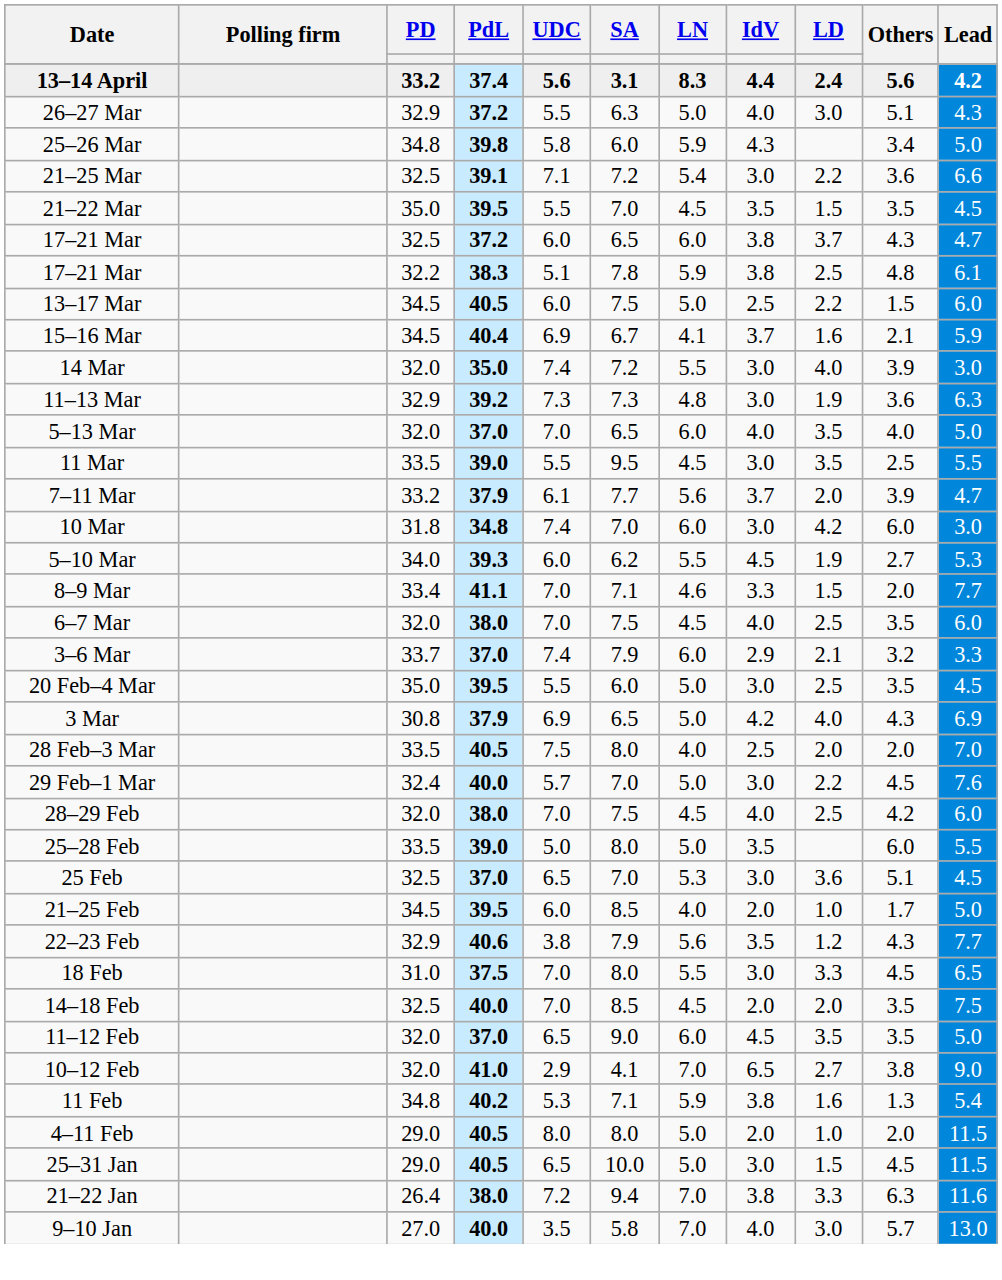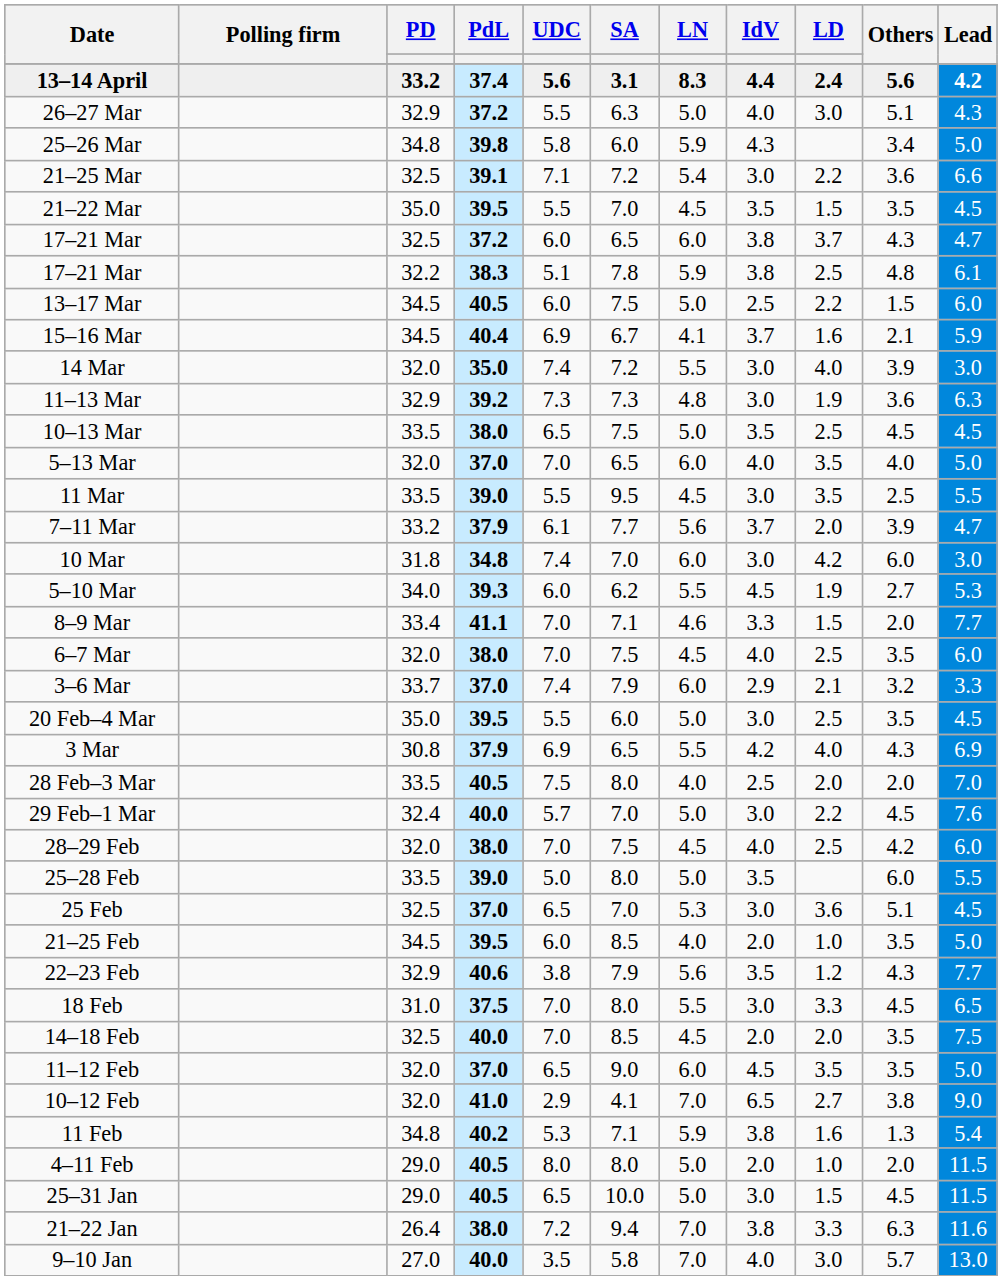 <table class="wikitable collapsible" style="text-align:center;font-size:85%;line-height:13px">
 <tr style="height:30px; background-color:#E9E9E9">
 <th style="width:100px;" rowspan="2">Date</th>
 <th style="width:120px;" rowspan="2">Polling firm</th>
 <th style="width:35px;"><a href='#'>PD</a></th>
 <th style="width:35px;"><a href='#'>PdL</a></th>
 <th style="width:35px;"><a href='#'>UDC</a></th>
 <th style="width:35px;"><a href='#'>SA</a></th>
 <th style="width:35px;"><a href='#'>LN</a></th>
 <th style="width:35px;"><a href='#'>IdV</a></th>
 <th style="width:35px;"><a href='#'>LD</a></th>
 <th style="width:35px;" rowspan="2">Others</th>
 <th style="width:25px;" rowspan="2">Lead</th>
 </tr>
 <tr>
 <th style="background:"></th>
 <th style="background:"></th>
 <th style="background:"></th>
 <th style="background:"></th>
 <th style="background:"></th>
 <th style="background:"></th>
 <th style="background:"></th>
 </tr>
 <tr>
 </tr>
 <tr style="background:#EFEFEF; font-weight:bold;">
 <td>13–14 April</td>
 <td></td>
 <td>33.2</td>
 <td style="background:#C8EBFF"><strong>37.4</strong></td>
 <td>5.6</td>
 <td>3.1</td>
 <td>8.3</td>
 <td>4.4</td>
 <td>2.4</td>
 <td>5.6</td>
 <td style="background:#0087DC; color:white;">4.2</td>
 </tr>
 <tr>
 <td>26–27 Mar</td>
 <td></td>
 <td>32.9</td>
 <td style="background:#C8EBFF"><strong>37.2</strong></td>
 <td>5.5</td>
 <td>6.3</td>
 <td>5.0</td>
 <td>4.0</td>
 <td>3.0</td>
 <td>5.1</td>
 <td style="background:#0087DC; color:white;">4.3</td>
 </tr>
 <tr>
 <td>25–26 Mar</td>
 <td></td>
 <td>34.8</td>
 <td style="background:#C8EBFF"><strong>39.8</strong></td>
 <td>5.8</td>
 <td>6.0</td>
 <td>5.9</td>
 <td>4.3</td>
 <td></td>
 <td>3.4</td>
 <td style="background:#0087DC; color:white;">5.0</td>
 </tr>
 <tr>
 <td>21–25 Mar</td>
 <td></td>
 <td>32.5</td>
 <td style="background:#C8EBFF"><strong>39.1</strong></td>
 <td>7.1</td>
 <td>7.2</td>
 <td>5.4</td>
 <td>3.0</td>
 <td>2.2</td>
 <td>3.6</td>
 <td style="background:#0087DC; color:white;">6.6</td>
 </tr>
 <tr>
 <td>21–22 Mar</td>
 <td></td>
 <td>35.0</td>
 <td style="background:#C8EBFF"><strong>39.5</strong></td>
 <td>5.5</td>
 <td>7.0</td>
 <td>4.5</td>
 <td>3.5</td>
 <td>1.5</td>
 <td>3.5</td>
 <td style="background:#0087DC; color:white;">4.5</td>
 </tr>
 <tr>
 <td>17–21 Mar</td>
 <td></td>
 <td>32.5</td>
 <td style="background:#C8EBFF"><strong>37.2</strong></td>
 <td>6.0</td>
 <td>6.5</td>
 <td>6.0</td>
 <td>3.8</td>
 <td>3.7</td>
 <td>4.3</td>
 <td style="background:#0087DC; color:white;">4.7</td>
 </tr>
 <tr>
 <td>17–21 Mar</td>
 <td></td>
 <td>32.2</td>
 <td style="background:#C8EBFF"><strong>38.3</strong></td>
 <td>5.1</td>
 <td>7.8</td>
 <td>5.9</td>
 <td>3.8</td>
 <td>2.5</td>
 <td>4.8</td>
 <td style="background:#0087DC; color:white;">6.1</td>
 </tr>
 <tr>
 <td>13–17 Mar</td>
 <td></td>
 <td>34.5</td>
 <td style="background:#C8EBFF"><strong>40.5</strong></td>
 <td>6.0</td>
 <td>7.5</td>
 <td>5.0</td>
 <td>2.5</td>
 <td>2.2</td>
 <td>1.5</td>
 <td style="background:#0087DC; color:white;">6.0</td>
 </tr>
 <tr>
 <td>15–16 Mar</td>
 <td></td>
 <td>34.5</td>
 <td style="background:#C8EBFF"><strong>40.4</strong></td>
 <td>6.9</td>
 <td>6.7</td>
 <td>4.1</td>
 <td>3.7</td>
 <td>1.6</td>
 <td>2.1</td>
 <td style="background:#0087DC; color:white;">5.9</td>
 </tr>
 <tr>
 <td>14 Mar</td>
 <td></td>
 <td>32.0</td>
 <td style="background:#C8EBFF"><strong>35.0</strong></td>
 <td>7.4</td>
 <td>7.2</td>
 <td>5.5</td>
 <td>3.0</td>
 <td>4.0</td>
 <td>3.9</td>
 <td style="background:#0087DC; color:white;">3.0</td>
 </tr>
 <tr>
 <td>11–13 Mar</td>
 <td></td>
 <td>32.9</td>
 <td style="background:#C8EBFF"><strong>39.2</strong></td>
 <td>7.3</td>
 <td>7.3</td>
 <td>4.8</td>
 <td>3.0</td>
 <td>1.9</td>
 <td>3.6</td>
 <td style="background:#0087DC; color:white;">6.3</td>
 </tr>
 <tr>
+<td>10–13 Mar</td>
+<td></td>
+<td>33.5</td>
+<td style="background:#C8EBFF"><strong>38.0</strong></td>
+<td>6.5</td>
+<td>7.5</td>
+<td>5.0</td>
+<td>3.5</td>
+<td>2.5</td>
+<td>4.5</td>
+<td style="background:#0087DC; color:white;">4.5</td>
+</tr>
+<tr>
 <td>5–13 Mar</td>
 <td></td>
 <td>32.0</td>
 <td style="background:#C8EBFF"><strong>37.0</strong></td>
 <td>7.0</td>
 <td>6.5</td>
 <td>6.0</td>
 <td>4.0</td>
 <td>3.5</td>
 <td>4.0</td>
 <td style="background:#0087DC; color:white;">5.0</td>
 </tr>
 <tr>
 <td>11 Mar</td>
 <td></td>
 <td>33.5</td>
 <td style="background:#C8EBFF"><strong>39.0</strong></td>
 <td>5.5</td>
 <td>9.5</td>
 <td>4.5</td>
 <td>3.0</td>
 <td>3.5</td>
 <td>2.5</td>
 <td style="background:#0087DC; color:white;">5.5</td>
 </tr>
 <tr>
 <td>7–11 Mar</td>
 <td></td>
 <td>33.2</td>
 <td style="background:#C8EBFF"><strong>37.9</strong></td>
 <td>6.1</td>
 <td>7.7</td>
 <td>5.6</td>
 <td>3.7</td>
 <td>2.0</td>
 <td>3.9</td>
 <td style="background:#0087DC; color:white;">4.7</td>
 </tr>
 <tr>
 <td>10 Mar</td>
 <td></td>
 <td>31.8</td>
 <td style="background:#C8EBFF"><strong>34.8</strong></td>
 <td>7.4</td>
 <td>7.0</td>
 <td>6.0</td>
 <td>3.0</td>
 <td>4.2</td>
 <td>6.0</td>
 <td style="background:#0087DC; color:white;">3.0</td>
 </tr>
 <tr>
 <td>5–10 Mar</td>
 <td></td>
 <td>34.0</td>
 <td style="background:#C8EBFF"><strong>39.3</strong></td>
 <td>6.0</td>
 <td>6.2</td>
 <td>5.5</td>
 <td>4.5</td>
 <td>1.9</td>
 <td>2.7</td>
 <td style="background:#0087DC; color:white;">5.3</td>
 </tr>
 <tr>
 <td>8–9 Mar</td>
 <td></td>
 <td>33.4</td>
 <td style="background:#C8EBFF"><strong>41.1</strong></td>
 <td>7.0</td>
 <td>7.1</td>
 <td>4.6</td>
 <td>3.3</td>
 <td>1.5</td>
 <td>2.0</td>
 <td style="background:#0087DC; color:white;">7.7</td>
 </tr>
 <tr>
 <td>6–7 Mar</td>
 <td></td>
 <td>32.0</td>
 <td style="background:#C8EBFF"><strong>38.0</strong></td>
 <td>7.0</td>
 <td>7.5</td>
 <td>4.5</td>
 <td>4.0</td>
 <td>2.5</td>
 <td>3.5</td>
 <td style="background:#0087DC; color:white;">6.0</td>
 </tr>
 <tr>
 <td>3–6 Mar</td>
 <td></td>
 <td>33.7</td>
 <td style="background:#C8EBFF"><strong>37.0</strong></td>
 <td>7.4</td>
 <td>7.9</td>
 <td>6.0</td>
 <td>2.9</td>
 <td>2.1</td>
 <td>3.2</td>
 <td style="background:#0087DC; color:white;">3.3</td>
 </tr>
 <tr>
 <td>20 Feb–4 Mar</td>
 <td></td>
 <td>35.0</td>
 <td style="background:#C8EBFF"><strong>39.5</strong></td>
 <td>5.5</td>
 <td>6.0</td>
 <td>5.0</td>
 <td>3.0</td>
 <td>2.5</td>
 <td>3.5</td>
 <td style="background:#0087DC; color:white;">4.5</td>
 </tr>
 <tr>
 <td>3 Mar</td>
 <td></td>
 <td>30.8</td>
 <td style="background:#C8EBFF"><strong>37.9</strong></td>
 <td>6.9</td>
 <td>6.5</td>
-<td>5.0</td>
+<td>5.5</td>
 <td>4.2</td>
 <td>4.0</td>
 <td>4.3</td>
 <td style="background:#0087DC; color:white;">6.9</td>
 </tr>
 <tr>
 <td>28 Feb–3 Mar</td>
 <td></td>
 <td>33.5</td>
 <td style="background:#C8EBFF"><strong>40.5</strong></td>
 <td>7.5</td>
 <td>8.0</td>
 <td>4.0</td>
 <td>2.5</td>
 <td>2.0</td>
 <td>2.0</td>
 <td style="background:#0087DC; color:white;">7.0</td>
 </tr>
 <tr>
 <td>29 Feb–1 Mar</td>
 <td></td>
 <td>32.4</td>
 <td style="background:#C8EBFF"><strong>40.0</strong></td>
 <td>5.7</td>
 <td>7.0</td>
 <td>5.0</td>
 <td>3.0</td>
 <td>2.2</td>
 <td>4.5</td>
 <td style="background:#0087DC; color:white;">7.6</td>
 </tr>
 <tr>
 <td>28–29 Feb</td>
 <td></td>
 <td>32.0</td>
 <td style="background:#C8EBFF"><strong>38.0</strong></td>
 <td>7.0</td>
 <td>7.5</td>
 <td>4.5</td>
 <td>4.0</td>
 <td>2.5</td>
 <td>4.2</td>
 <td style="background:#0087DC; color:white;">6.0</td>
 </tr>
 <tr>
 <td>25–28 Feb</td>
 <td></td>
 <td>33.5</td>
 <td style="background:#C8EBFF"><strong>39.0</strong></td>
 <td>5.0</td>
 <td>8.0</td>
 <td>5.0</td>
 <td>3.5</td>
 <td></td>
 <td>6.0</td>
 <td style="background:#0087DC; color:white;">5.5</td>
 </tr>
 <tr>
 <td>25 Feb</td>
 <td></td>
 <td>32.5</td>
 <td style="background:#C8EBFF"><strong>37.0</strong></td>
 <td>6.5</td>
 <td>7.0</td>
 <td>5.3</td>
 <td>3.0</td>
 <td>3.6</td>
 <td>5.1</td>
 <td style="background:#0087DC; color:white;">4.5</td>
 </tr>
 <tr>
 <td>21–25 Feb</td>
 <td></td>
 <td>34.5</td>
 <td style="background:#C8EBFF"><strong>39.5</strong></td>
 <td>6.0</td>
 <td>8.5</td>
 <td>4.0</td>
 <td>2.0</td>
 <td>1.0</td>
-<td>1.7</td>
+<td>3.5</td>
 <td style="background:#0087DC; color:white;">5.0</td>
 </tr>
 <tr>
 <td>22–23 Feb</td>
 <td></td>
 <td>32.9</td>
 <td style="background:#C8EBFF"><strong>40.6</strong></td>
 <td>3.8</td>
 <td>7.9</td>
 <td>5.6</td>
 <td>3.5</td>
 <td>1.2</td>
 <td>4.3</td>
 <td style="background:#0087DC; color:white;">7.7</td>
 </tr>
 <tr>
 <td>18 Feb</td>
 <td></td>
 <td>31.0</td>
 <td style="background:#C8EBFF"><strong>37.5</strong></td>
 <td>7.0</td>
 <td>8.0</td>
 <td>5.5</td>
 <td>3.0</td>
 <td>3.3</td>
 <td>4.5</td>
 <td style="background:#0087DC; color:white;">6.5</td>
 </tr>
 <tr>
 <td>14–18 Feb</td>
 <td></td>
 <td>32.5</td>
 <td style="background:#C8EBFF"><strong>40.0</strong></td>
 <td>7.0</td>
 <td>8.5</td>
 <td>4.5</td>
 <td>2.0</td>
 <td>2.0</td>
 <td>3.5</td>
 <td style="background:#0087DC; color:white;">7.5</td>
 </tr>
 <tr>
 <td>11–12 Feb</td>
 <td></td>
 <td>32.0</td>
 <td style="background:#C8EBFF"><strong>37.0</strong></td>
 <td>6.5</td>
 <td>9.0</td>
 <td>6.0</td>
 <td>4.5</td>
 <td>3.5</td>
 <td>3.5</td>
 <td style="background:#0087DC; color:white;">5.0</td>
 </tr>
 <tr>
 <td>10–12 Feb</td>
 <td></td>
 <td>32.0</td>
 <td style="background:#C8EBFF"><strong>41.0</strong></td>
 <td>2.9</td>
 <td>4.1</td>
 <td>7.0</td>
 <td>6.5</td>
 <td>2.7</td>
 <td>3.8</td>
 <td style="background:#0087DC; color:white;">9.0</td>
 </tr>
 <tr>
 <td>11 Feb</td>
 <td></td>
 <td>34.8</td>
 <td style="background:#C8EBFF"><strong>40.2</strong></td>
 <td>5.3</td>
 <td>7.1</td>
 <td>5.9</td>
 <td>3.8</td>
 <td>1.6</td>
 <td>1.3</td>
 <td style="background:#0087DC; color:white;">5.4</td>
 </tr>
 <tr>
 <td>4–11 Feb</td>
 <td></td>
 <td>29.0</td>
 <td style="background:#C8EBFF"><strong>40.5</strong></td>
 <td>8.0</td>
 <td>8.0</td>
 <td>5.0</td>
 <td>2.0</td>
 <td>1.0</td>
 <td>2.0</td>
 <td style="background:#0087DC; color:white;">11.5</td>
 </tr>
 <tr>
 <td>25–31 Jan</td>
 <td></td>
 <td>29.0</td>
 <td style="background:#C8EBFF"><strong>40.5</strong></td>
 <td>6.5</td>
 <td>10.0</td>
 <td>5.0</td>
 <td>3.0</td>
 <td>1.5</td>
 <td>4.5</td>
 <td style="background:#0087DC; color:white;">11.5</td>
 </tr>
 <tr>
 <td>21–22 Jan</td>
 <td></td>
 <td>26.4</td>
 <td style="background:#C8EBFF"><strong>38.0</strong></td>
 <td>7.2</td>
 <td>9.4</td>
 <td>7.0</td>
 <td>3.8</td>
 <td>3.3</td>
 <td>6.3</td>
 <td style="background:#0087DC; color:white;">11.6</td>
 </tr>
 <tr>
 <td>9–10 Jan</td>
 <td></td>
 <td>27.0</td>
 <td style="background:#C8EBFF"><strong>40.0</strong></td>
 <td>3.5</td>
 <td>5.8</td>
 <td>7.0</td>
 <td>4.0</td>
 <td>3.0</td>
 <td>5.7</td>
 <td style="background:#0087DC; color:white;">13.0</td>
 </tr>
 </table>
